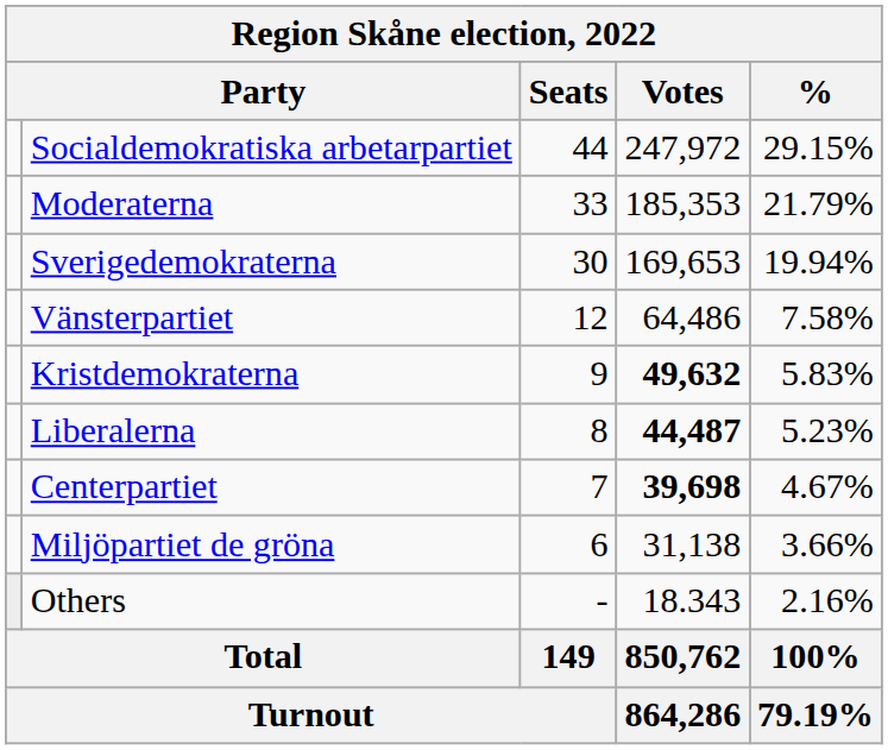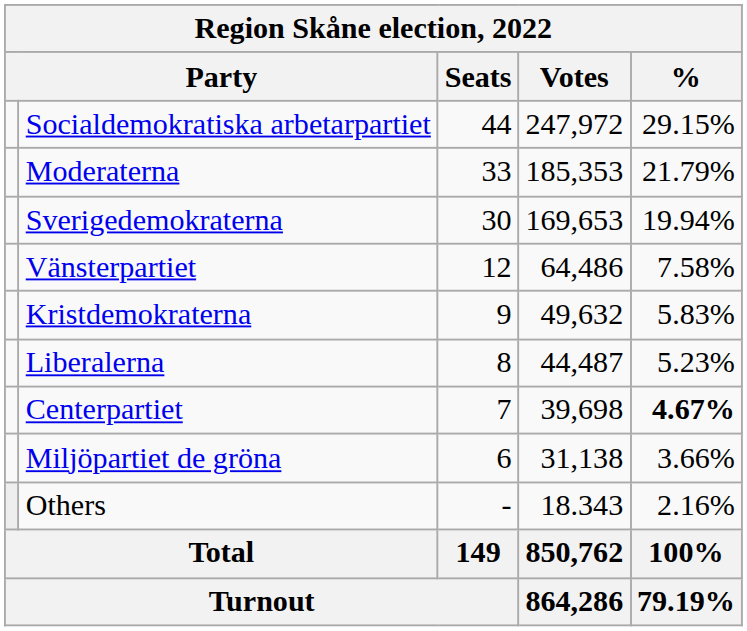 <table class="wikitable">
 <tr>
 <th colspan=5>Region Skåne election, 2022</th>
 </tr>
 <tr>
 <th colspan=2>Party</th>
 <th>Seats</th>
 <th>Votes</th>
 <th>%</th>
 </tr>
 <tr>
 <td bgcolor=></td>
 <td><a href='#'>Socialdemokratiska arbetarpartiet</a></td>
 <td align=right>44</td>
 <td align=right>247,972</td>
 <td align=right>29.15%</td>
 </tr>
 <tr>
 <td bgcolor=></td>
 <td><a href='#'>Moderaterna</a></td>
 <td align=right>33</td>
 <td align=right>185,353</td>
 <td align=right>21.79%</td>
 </tr>
 <tr>
 <td bgcolor=></td>
 <td><a href='#'>Sverigedemokraterna</a></td>
 <td align=right>30</td>
 <td align=right>169,653</td>
 <td align=right>19.94%</td>
 </tr>
 <tr>
 <td bgcolor=></td>
 <td><a href='#'>Vänsterpartiet</a></td>
 <td align=right>12</td>
 <td align=right>64,486</td>
 <td align=right>7.58%</td>
 </tr>
 <tr>
 <td bgcolor=></td>
 <td><a href='#'>Kristdemokraterna</a></td>
 <td align=right>9</td>
-<td align=right><strong>49,632</strong></td>
+<td align=right>49,632</td>
 <td align=right>5.83%</td>
 </tr>
 <tr>
 <td bgcolor=></td>
 <td><a href='#'>Liberalerna</a></td>
 <td align=right>8</td>
-<td align=right><strong>44,487</strong></td>
+<td align=right>44,487</td>
 <td align=right>5.23%</td>
 </tr>
 <tr>
 <td bgcolor=></td>
 <td><a href='#'>Centerpartiet</a></td>
 <td align=right>7</td>
-<td align=right><strong>39,698</strong></td>
-<td align=right>4.67%</td>
+<td align=right>39,698</td>
+<td align=right><strong>4.67%</strong></td>
 </tr>
 <tr>
 <td bgcolor=></td>
 <td><a href='#'>Miljöpartiet de gröna</a></td>
 <td align=right>6</td>
 <td align=right>31,138</td>
 <td align=right>3.66%</td>
 </tr>
 <tr>
 <td bgcolor=#eeeeee></td>
 <td>Others</td>
 <td align=right>-</td>
 <td align=right>18.343</td>
 <td align=right>2.16%</td>
 </tr>
 <tr>
 <th colspan=2>Total</th>
 <th align=right>149</th>
 <th align=right>850,762</th>
 <th align=right>100%</th>
 </tr>
 <tr>
 <th colspan=3>Turnout</th>
 <th align=right>864,286</th>
 <th align=right>79.19%</th>
 </tr>
 </table>
